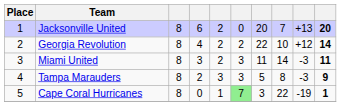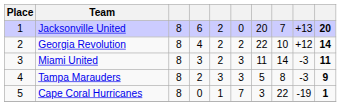 <table class="wikitable" style="text-align: center;">
 <tr>
 <th>Place</th>
 <th width="200">Team</th>
 <th width="25"></th>
 <th width="25"></th>
 <th width="25"></th>
 <th width="25"></th>
 <th width="25"></th>
 <th width="25"></th>
 <th width="25"></th>
 <th width="25"></th>
 </tr>
 <tr bgcolor=#ccccff>
 <td>1</td>
 <td align=left><a href='#'>Jacksonville United</a></td>
 <td>8</td>
 <td>6</td>
 <td>2</td>
 <td>0</td>
 <td>20</td>
 <td>7</td>
 <td>+13</td>
 <td><strong>20</strong></td>
 </tr>
 <tr>
 <td>2</td>
 <td align=left><a href='#'>Georgia Revolution</a></td>
 <td>8</td>
 <td>4</td>
 <td>2</td>
 <td>2</td>
 <td>22</td>
 <td>10</td>
 <td>+12</td>
 <td><strong>14</strong></td>
 </tr>
 <tr>
 <td>3</td>
 <td align=left><a href='#'>Miami United</a></td>
 <td>8</td>
 <td>3</td>
 <td>2</td>
 <td>3</td>
 <td>11</td>
 <td>14</td>
 <td>-3</td>
 <td><strong>11</strong></td>
 </tr>
 <tr>
 <td>4</td>
 <td align=left><a href='#'>Tampa Marauders</a></td>
 <td>8</td>
 <td>2</td>
 <td>3</td>
 <td>3</td>
 <td>5</td>
 <td>8</td>
 <td>-3</td>
 <td><strong>9</strong></td>
 </tr>
 <tr>
 <td>5</td>
 <td align=left><a href='#'>Cape Coral Hurricanes</a></td>
 <td>8</td>
 <td>0</td>
 <td>1</td>
-<td style="background: lightgreen;">7</td>
+<td>7</td>
 <td>3</td>
 <td>22</td>
 <td>-19</td>
 <td><strong>1</strong></td>
 </tr>
 <tr>
 </tr>
 </table>
